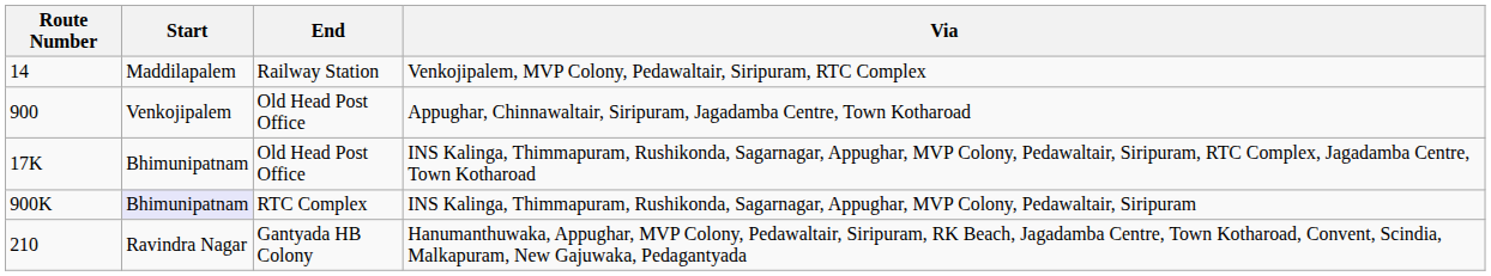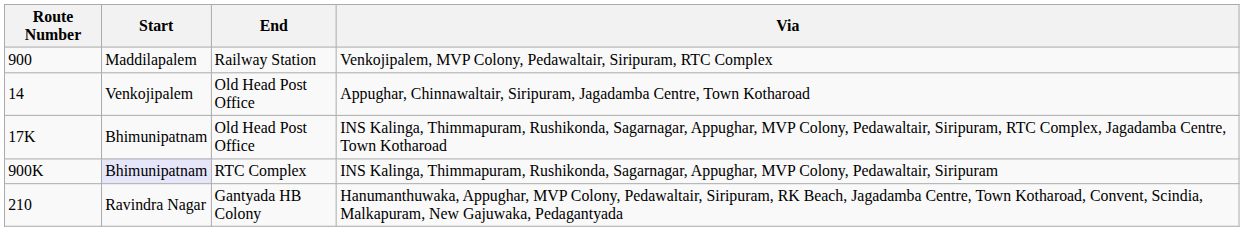 <table class="sortable wikitable">
 <tr>
 <th>Route Number</th>
 <th>Start</th>
 <th>End</th>
 <th>Via</th>
 </tr>
 <tr>
-<td>14</td>
+<td>900</td>
 <td>Maddilapalem</td>
 <td>Railway Station</td>
 <td>Venkojipalem, MVP Colony, Pedawaltair, Siripuram, RTC Complex</td>
 </tr>
 <tr>
-<td>900</td>
+<td>14</td>
 <td>Venkojipalem</td>
 <td>Old Head Post Office</td>
 <td>Appughar, Chinnawaltair, Siripuram, Jagadamba Centre, Town Kotharoad</td>
 </tr>
 <tr>
 <td>17K</td>
 <td>Bhimunipatnam</td>
 <td>Old Head Post Office</td>
 <td>INS Kalinga, Thimmapuram, Rushikonda, Sagarnagar, Appughar, MVP Colony, Pedawaltair, Siripuram, RTC Complex, Jagadamba Centre, Town Kotharoad</td>
 </tr>
 <tr>
 <td>900K</td>
 <td style="background: lavender;">Bhimunipatnam</td>
 <td>RTC Complex</td>
 <td>INS Kalinga, Thimmapuram, Rushikonda, Sagarnagar, Appughar, MVP Colony, Pedawaltair, Siripuram</td>
 </tr>
 <tr>
 <td>210</td>
 <td>Ravindra Nagar</td>
 <td>Gantyada HB Colony</td>
 <td>Hanumanthuwaka, Appughar, MVP Colony, Pedawaltair, Siripuram, RK Beach, Jagadamba Centre, Town Kotharoad, Convent, Scindia, Malkapuram, New Gajuwaka, Pedagantyada</td>
 </tr>
 </table>
